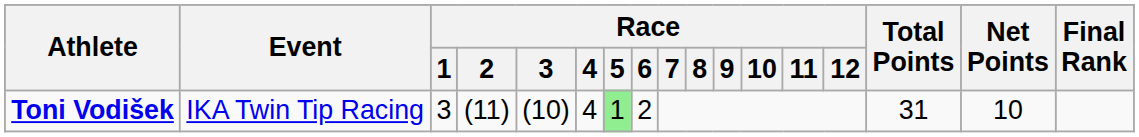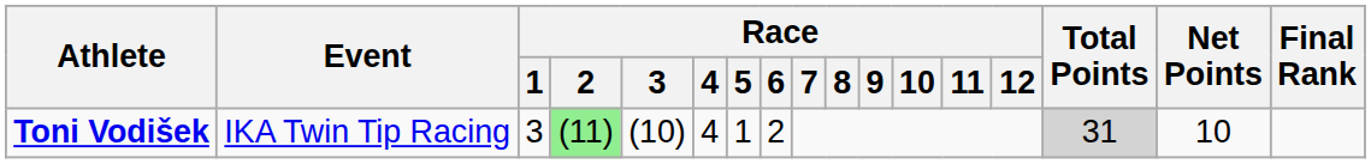 <table class=wikitable style="font-size:90%">
 <tr>
 <th rowspan="2">Athlete</th>
 <th rowspan="2">Event</th>
 <th colspan="12">Race</th>
 <th rowspan="2">Total<br>Points</th>
 <th rowspan="2">Net<br>Points</th>
 <th rowspan="2">Final<br>Rank</th>
 </tr>
 <tr>
 <th>1</th>
 <th>2</th>
 <th>3</th>
 <th>4</th>
 <th>5</th>
 <th>6</th>
 <th>7</th>
 <th>8</th>
 <th>9</th>
 <th>10</th>
 <th>11</th>
 <th>12</th>
 </tr>
 <tr>
 <td align=left><strong><a href='#'>Toni Vodišek</a></strong></td>
 <td align=center><a href='#'>IKA Twin Tip Racing</a></td>
 <td align=center>3</td>
-<td align=center>(11)</td>
+<td align=center style="background: lightgreen;">(11)</td>
 <td align=center>(10)</td>
 <td align=center>4</td>
-<td align=center style="background: lightgreen;">1</td>
+<td align=center>1</td>
 <td align=center>2</td>
 <td align=center colspan=6></td>
-<td align=center>31</td>
+<td align=center style="background: lightgrey;">31</td>
 <td align=center>10</td>
 <td align=center></td>
 </tr>
 </table>
